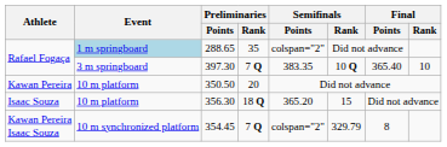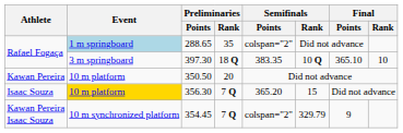 <table class=wikitable style="font-size:90%;">
 <tr>
 <th rowspan="2">Athlete</th>
 <th rowspan="2">Event</th>
 <th colspan="2">Preliminaries</th>
 <th colspan="2">Semifinals</th>
 <th colspan="2">Final</th>
 </tr>
 <tr style="font-size:95%">
 <th>Points</th>
 <th>Rank</th>
 <th>Points</th>
 <th>Rank</th>
 <th>Points</th>
 <th>Rank</th>
 </tr>
 <tr align=center>
 <td align=left rowspan="2"><a href='#'>Rafael Fogaça</a></td>
 <td align=left style="background: lightblue;"><a href='#'>1 m springboard</a></td>
 <td>288.65</td>
 <td>35</td>
 <td>colspan="2" </td>
 <td colspan="2">Did not advance</td>
 </tr>
 <tr align=center>
 <td align=left><a href='#'>3 m springboard</a></td>
 <td>397.30</td>
-<td>7 <strong>Q</strong></td>
+<td>18 <strong>Q</strong></td>
 <td>383.35</td>
 <td>10 <strong>Q</strong></td>
-<td>365.40</td>
+<td>365.10</td>
 <td>10</td>
 </tr>
 <tr align=center>
 <td align=left><a href='#'>Kawan Pereira</a></td>
 <td align=left><a href='#'>10 m platform</a></td>
 <td>350.50</td>
 <td>20</td>
 <td colspan="4">Did not advance</td>
 </tr>
 <tr align=center>
 <td align=left><a href='#'>Isaac Souza</a></td>
-<td align=left><a href='#'>10 m platform</a></td>
+<td align=left style="background: gold;"><a href='#'>10 m platform</a></td>
 <td>356.30</td>
-<td>18 <strong>Q</strong></td>
+<td>7 <strong>Q</strong></td>
 <td>365.20</td>
 <td>15</td>
 <td colspan="2">Did not advance</td>
 </tr>
 <tr align=center>
 <td align=left><a href='#'>Kawan Pereira</a><br><a href='#'>Isaac Souza</a></td>
 <td align=left><a href='#'>10 m synchronized platform</a></td>
 <td>354.45</td>
 <td>7 <strong>Q</strong></td>
 <td>colspan="2" </td>
 <td>329.79</td>
-<td>8</td>
+<td>9</td>
 </tr>
 </table>
